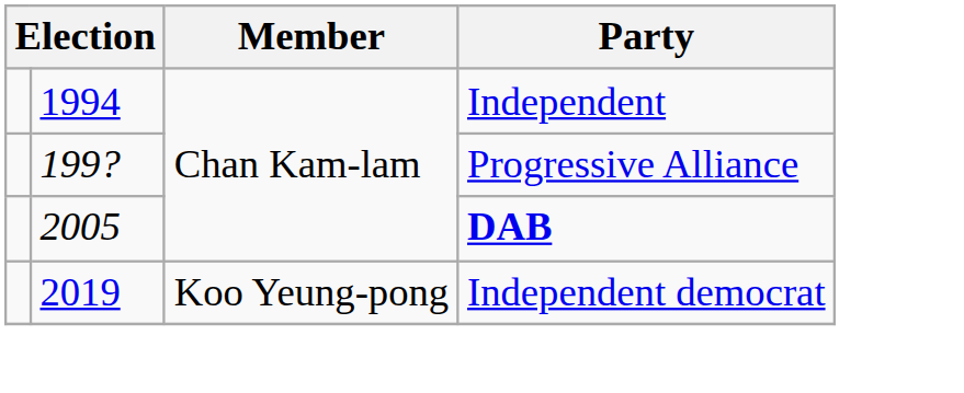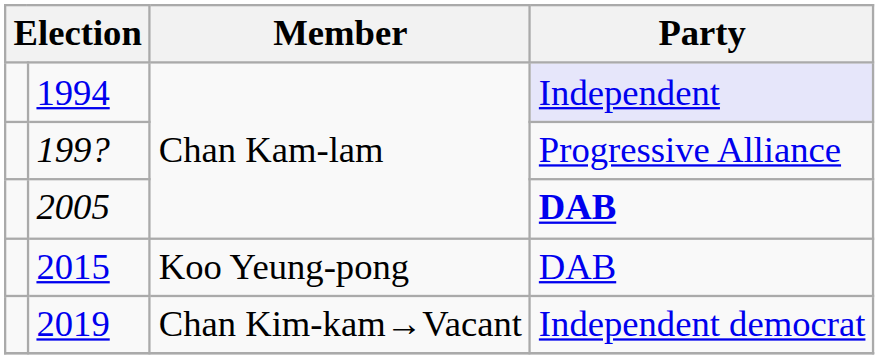 <table class="wikitable">
 <tr>
 <th colspan="2">Election</th>
 <th>Member</th>
 <th>Party</th>
 </tr>
 <tr>
 <td style="background-color: "></td>
 <td><a href='#'>1994</a></td>
 <td rowspan=3>Chan Kam-lam</td>
-<td><a href='#'>Independent</a></td>
+<td style="background: lavender;"><a href='#'>Independent</a></td>
 </tr>
 <tr>
 <td style="background-color: "></td>
 <td><em>199?</em></td>
 <td><a href='#'>Progressive Alliance</a></td>
 </tr>
 <tr>
 <td style="background-color: "></td>
 <td><em>2005</em></td>
 <td><strong><a href='#'>DAB</a></strong></td>
 </tr>
 <tr>
 <td style="background-color: "></td>
+<td><a href='#'>2015</a></td>
+<td>Koo Yeung-pong</td>
+<td><a href='#'>DAB</a></td>
+</tr>
+<tr>
+<td style="background-color: "></td>
 <td><a href='#'>2019</a></td>
-<td>Koo Yeung-pong</td>
+<td>Chan Kim-kam→Vacant</td>
 <td><a href='#'>Independent democrat</a></td>
 </tr>
 <tr>
 </tr>
 </table>
